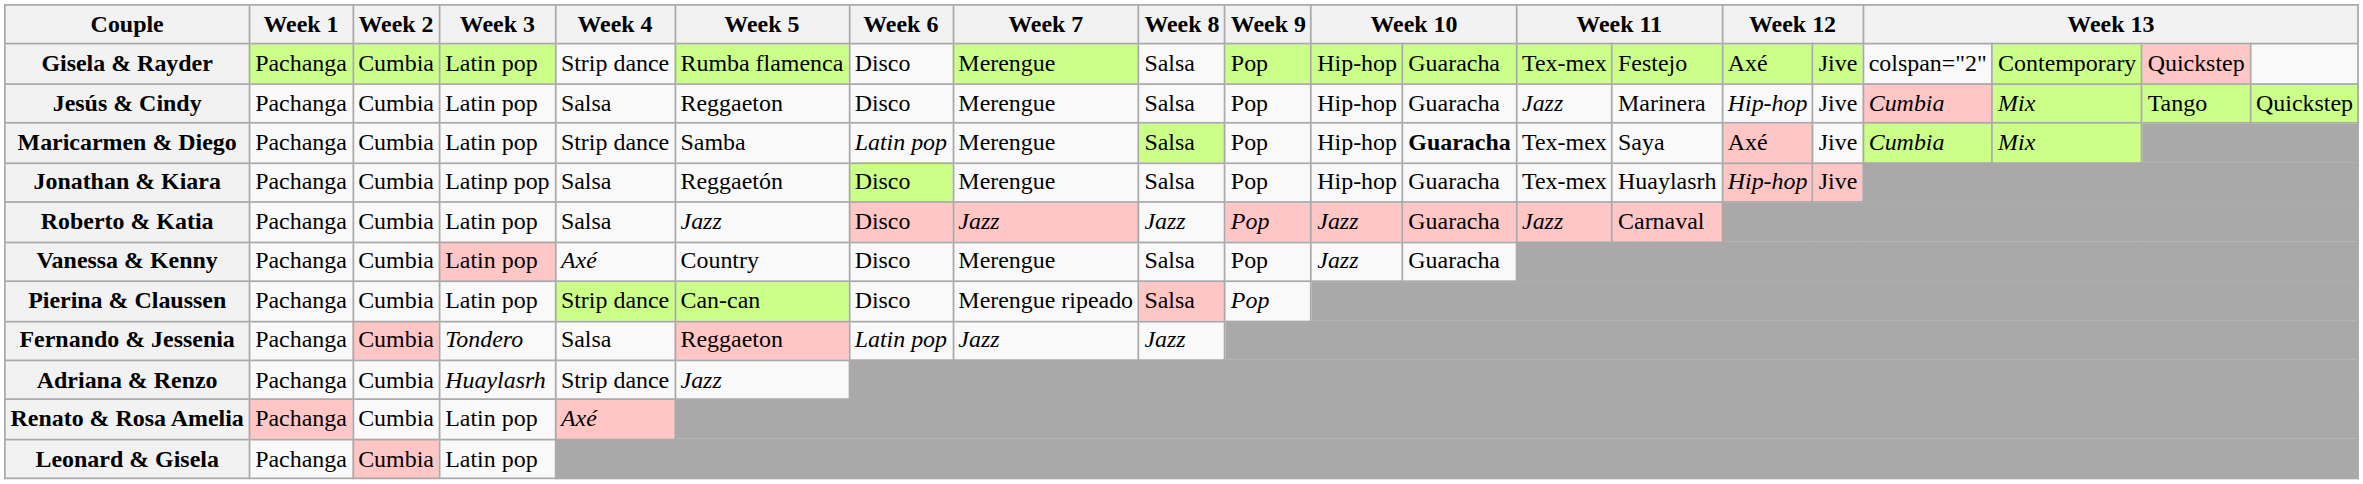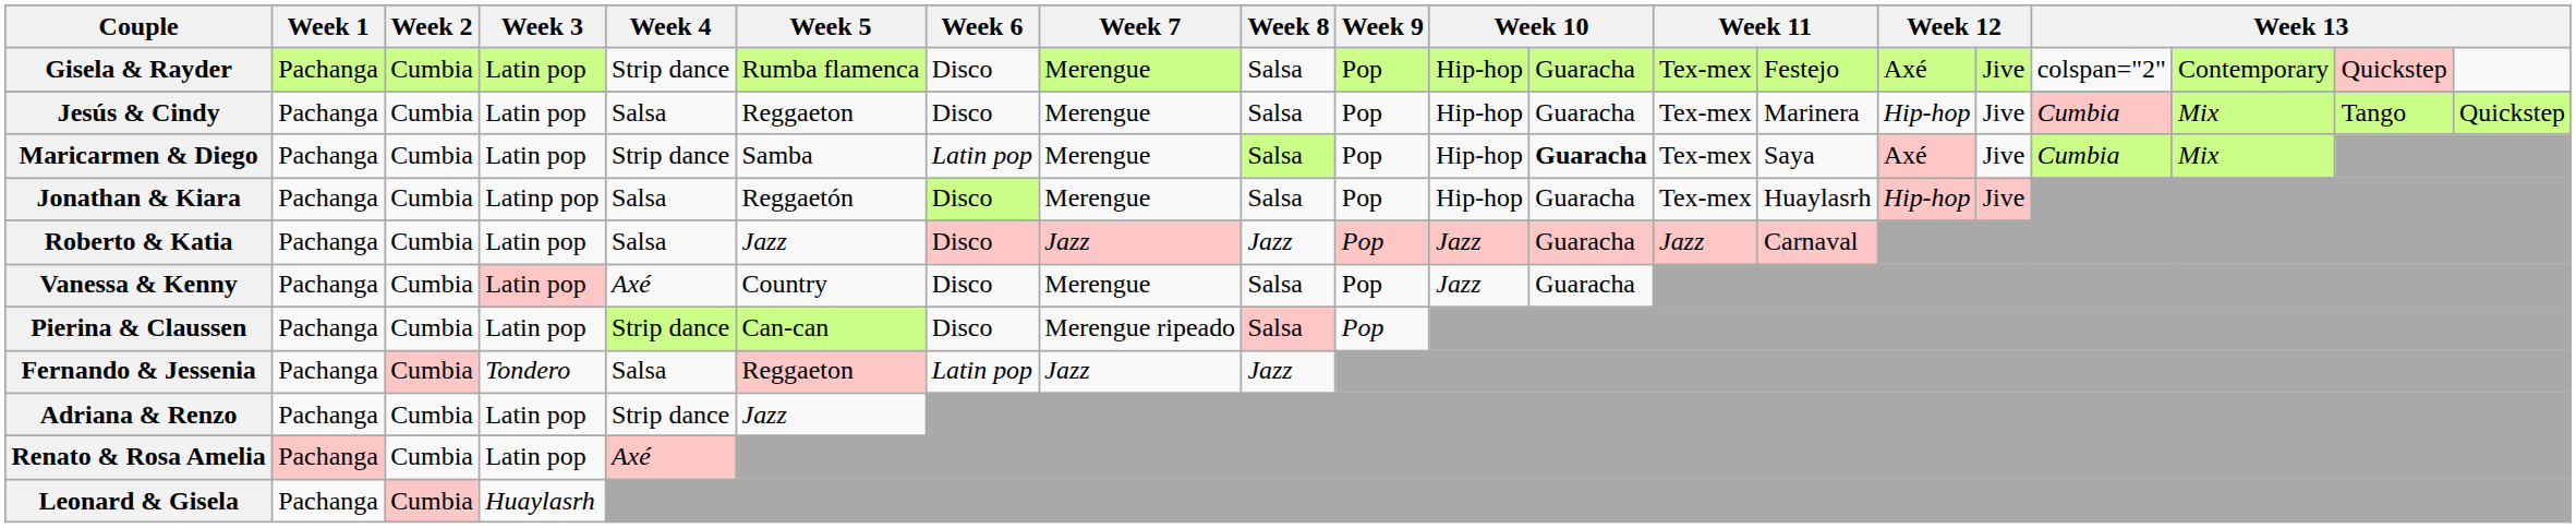 <table class="wikitable" style="text-align:left; font-size:85%; line-height:16px;">
 <tr>
 <th>Couple</th>
 <th>Week 1</th>
 <th>Week 2</th>
 <th>Week 3</th>
 <th>Week 4</th>
 <th>Week 5</th>
 <th>Week 6</th>
 <th>Week 7</th>
 <th>Week 8</th>
 <th>Week 9</th>
 <th colspan="2">Week 10</th>
 <th colspan="2">Week 11</th>
 <th colspan="2">Week 12</th>
 <th colspan="4">Week 13</th>
 </tr>
 <tr>
 <th>Gisela & Rayder</th>
 <td bgcolor=#ccff88>Pachanga</td>
 <td bgcolor=#ccff88>Cumbia</td>
 <td bgcolor=#ccff88>Latin pop</td>
 <td>Strip dance</td>
 <td bgcolor=#ccff88>Rumba flamenca</td>
 <td>Disco</td>
 <td bgcolor=#ccff88>Merengue</td>
 <td>Salsa</td>
 <td bgcolor=#ccff88>Pop</td>
 <td bgcolor=#ccff88>Hip-hop</td>
 <td bgcolor=#ccff88>Guaracha</td>
 <td bgcolor=#ccff88>Tex-mex</td>
 <td bgcolor=#ccff88>Festejo</td>
 <td bgcolor=#ccff88>Axé</td>
 <td bgcolor=#ccff88>Jive</td>
 <td>colspan="2" </td>
 <td bgcolor=#ccff88>Contemporary</td>
 <td bgcolor=#ffc6c6>Quickstep</td>
 </tr>
 <tr>
 <th>Jesús & Cindy</th>
 <td>Pachanga</td>
 <td>Cumbia</td>
 <td>Latin pop</td>
 <td>Salsa</td>
 <td>Reggaeton</td>
 <td>Disco</td>
 <td>Merengue</td>
 <td>Salsa</td>
 <td>Pop</td>
 <td>Hip-hop</td>
 <td>Guaracha</td>
-<td><em>Jazz</em></td>
+<td>Tex-mex</td>
 <td>Marinera</td>
 <td><em>Hip-hop</em></td>
 <td>Jive</td>
 <td bgcolor=#ffc6c6><em>Cumbia</em></td>
 <td bgcolor=#ccff88><em>Mix</em></td>
 <td bgcolor=#ccff88>Tango</td>
 <td bgcolor=#ccff88>Quickstep</td>
 </tr>
 <tr>
 <th>Maricarmen & Diego</th>
 <td>Pachanga</td>
 <td>Cumbia</td>
 <td>Latin pop</td>
 <td>Strip dance</td>
 <td>Samba</td>
 <td><em>Latin pop</em></td>
 <td>Merengue</td>
 <td bgcolor=#ccff88>Salsa</td>
 <td>Pop</td>
 <td>Hip-hop</td>
 <td><strong>Guaracha</strong></td>
 <td>Tex-mex</td>
 <td>Saya</td>
 <td bgcolor=#ffc6c6>Axé</td>
 <td>Jive</td>
 <td bgcolor=#ccff88><em>Cumbia</em></td>
 <td bgcolor=#ccff88><em>Mix</em></td>
 <td style="background:darkgrey;" colspan="2"></td>
 </tr>
 <tr>
 <th>Jonathan & Kiara</th>
 <td>Pachanga</td>
 <td>Cumbia</td>
 <td>Latinp pop</td>
 <td>Salsa</td>
 <td>Reggaetón</td>
 <td bgcolor=#ccff88>Disco</td>
 <td>Merengue</td>
 <td>Salsa</td>
 <td>Pop</td>
 <td>Hip-hop</td>
 <td>Guaracha</td>
 <td>Tex-mex</td>
 <td>Huaylasrh</td>
 <td bgcolor=#ffc6c6><em>Hip-hop</em></td>
 <td bgcolor=#ffc6c6>Jive</td>
 <td style="background:darkgrey;" colspan="13"></td>
 </tr>
 <tr>
 <th>Roberto & Katia</th>
 <td>Pachanga</td>
 <td>Cumbia</td>
 <td>Latin pop</td>
 <td>Salsa</td>
 <td><em>Jazz</em></td>
 <td style="background:#ffc6c6;">Disco</td>
 <td bgcolor=#ffc6c6><em>Jazz</em></td>
 <td><em>Jazz</em></td>
 <td bgcolor=#ffc6c6><em>Pop</em></td>
 <td bgcolor=#ffc6c6><em>Jazz</em></td>
 <td bgcolor=#ffc6c6>Guaracha</td>
 <td bgcolor=#ffc6c6><em>Jazz</em></td>
 <td bgcolor=#ffc6c6>Carnaval</td>
 <td style="background:darkgrey;" colspan="8"></td>
 </tr>
 <tr>
 <th>Vanessa & Kenny</th>
 <td>Pachanga</td>
 <td>Cumbia</td>
 <td bgcolor=#ffc6c6>Latin pop</td>
 <td><em>Axé</em></td>
 <td>Country</td>
 <td>Disco</td>
 <td>Merengue</td>
 <td>Salsa</td>
 <td>Pop</td>
 <td><em>Jazz</em></td>
 <td>Guaracha</td>
 <td style="background:darkgrey;" colspan="11"></td>
 </tr>
 <tr>
 <th>Pierina & Claussen</th>
 <td>Pachanga</td>
 <td>Cumbia</td>
 <td>Latin pop</td>
 <td bgcolor=#ccff88>Strip dance</td>
 <td bgcolor=#ccff88>Can-can</td>
 <td>Disco</td>
 <td>Merengue ripeado</td>
 <td bgcolor=#ffc6c6>Salsa</td>
 <td><em>Pop</em></td>
 <td style="background:darkgrey;" colspan="14"></td>
 </tr>
 <tr>
 <th>Fernando & Jessenia</th>
 <td>Pachanga</td>
 <td bgcolor=#ffc6c6>Cumbia</td>
 <td><em>Tondero</em></td>
 <td>Salsa</td>
 <td bgcolor=#ffc6c6>Reggaeton</td>
 <td><em>Latin pop</em></td>
 <td><em>Jazz</em></td>
 <td><em>Jazz</em></td>
 <td style="background:darkgrey;" colspan="16"></td>
 </tr>
 <tr>
 <th>Adriana & Renzo</th>
 <td>Pachanga</td>
 <td>Cumbia</td>
-<td><em>Huaylasrh</em></td>
+<td>Latin pop</td>
 <td>Strip dance</td>
 <td><em>Jazz</em></td>
 <td style="background:darkgrey;" colspan="24"></td>
 </tr>
 <tr>
 <th>Renato & Rosa Amelia</th>
 <td bgcolor=#ffc6c6>Pachanga</td>
 <td>Cumbia</td>
 <td>Latin pop</td>
 <td bgcolor=#ffc6c6><em>Axé</em></td>
 <td style="background:darkgrey;" colspan="26"></td>
 </tr>
 <tr>
 <th>Leonard & Gisela</th>
 <td>Pachanga</td>
 <td bgcolor=#ffc6c6>Cumbia</td>
-<td>Latin pop</td>
+<td><em>Huaylasrh</em></td>
 <td style="background:darkgrey;" colspan="28"></td>
 </tr>
 </table>
